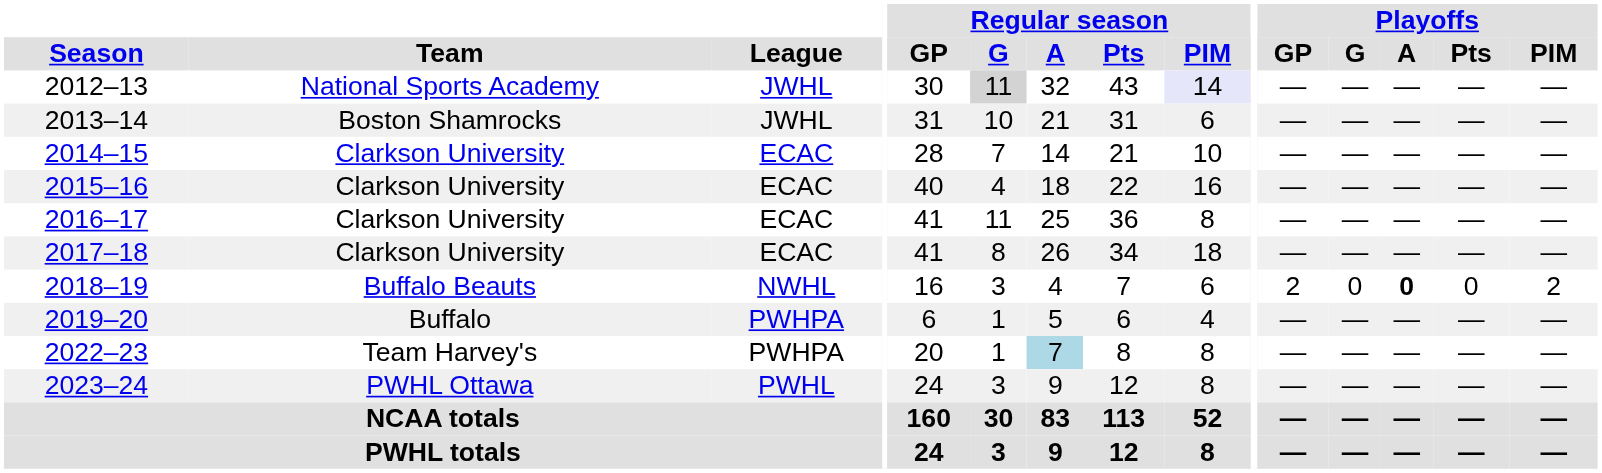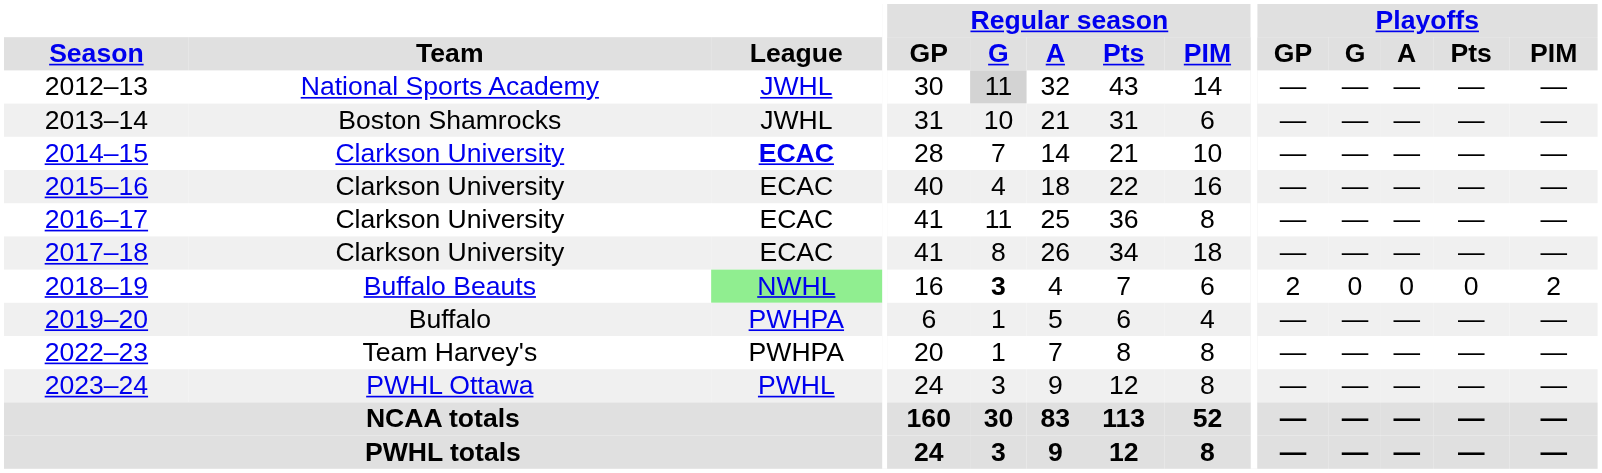 <table border="0" cellpadding="1" cellspacing="0" style="text-align:center; width:60em">
 <tr bgcolor="#e0e0e0">
 <th colspan="3" bgcolor="#ffffff"></th>
 <th rowspan="97" bgcolor="#ffffff"></th>
 <th colspan="5"><a href='#'>Regular season</a></th>
 <th rowspan="97" bgcolor="#ffffff"></th>
 <th colspan="5"><a href='#'>Playoffs</a></th>
 </tr>
 <tr bgcolor="#e0e0e0">
 <th><a href='#'>Season</a></th>
 <th>Team</th>
 <th>League</th>
 <th>GP</th>
 <th><a href='#'>G</a></th>
 <th><a href='#'>A</a></th>
 <th><a href='#'>Pts</a></th>
 <th><a href='#'>PIM</a></th>
 <th>GP</th>
 <th>G</th>
 <th>A</th>
 <th>Pts</th>
 <th>PIM</th>
 </tr>
 <tr>
 <td>2012–13</td>
 <td><a href='#'>National Sports Academy</a></td>
 <td><a href='#'>JWHL</a></td>
 <td>30</td>
 <td style="background: lightgrey;">11</td>
 <td>32</td>
 <td>43</td>
-<td style="background: lavender;">14</td>
+<td>14</td>
 <td>—</td>
 <td>—</td>
 <td>—</td>
 <td>—</td>
 <td>—</td>
 </tr>
 <tr bgcolor="f0f0f0">
 <td>2013–14</td>
 <td>Boston Shamrocks</td>
 <td>JWHL</td>
 <td>31</td>
 <td>10</td>
 <td>21</td>
 <td>31</td>
 <td>6</td>
 <td>—</td>
 <td>—</td>
 <td>—</td>
 <td>—</td>
 <td>—</td>
 </tr>
 <tr>
 <td><a href='#'>2014–15</a></td>
 <td><a href='#'>Clarkson University</a></td>
-<td><a href='#'>ECAC</a></td>
+<td><strong><a href='#'>ECAC</a></strong></td>
 <td>28</td>
 <td>7</td>
 <td>14</td>
 <td>21</td>
 <td>10</td>
 <td>—</td>
 <td>—</td>
 <td>—</td>
 <td>—</td>
 <td>—</td>
 </tr>
 <tr bgcolor="#f0f0f0">
 <td><a href='#'>2015–16</a></td>
 <td>Clarkson University</td>
 <td>ECAC</td>
 <td>40</td>
 <td>4</td>
 <td>18</td>
 <td>22</td>
 <td>16</td>
 <td>—</td>
 <td>—</td>
 <td>—</td>
 <td>—</td>
 <td>—</td>
 </tr>
 <tr>
 <td><a href='#'>2016–17</a></td>
 <td>Clarkson University</td>
 <td>ECAC</td>
 <td>41</td>
 <td>11</td>
 <td>25</td>
 <td>36</td>
 <td>8</td>
 <td>—</td>
 <td>—</td>
 <td>—</td>
 <td>—</td>
 <td>—</td>
 </tr>
 <tr bgcolor="#f0f0f0">
 <td><a href='#'>2017–18</a></td>
 <td>Clarkson University</td>
 <td>ECAC</td>
 <td>41</td>
 <td>8</td>
 <td>26</td>
 <td>34</td>
 <td>18</td>
 <td>—</td>
 <td>—</td>
 <td>—</td>
 <td>—</td>
 <td>—</td>
 </tr>
 <tr>
 <td><a href='#'>2018–19</a></td>
 <td><a href='#'>Buffalo Beauts</a></td>
-<td><a href='#'>NWHL</a></td>
+<td style="background: lightgreen;"><a href='#'>NWHL</a></td>
 <td>16</td>
-<td>3</td>
+<td><strong>3</strong></td>
 <td>4</td>
 <td>7</td>
 <td>6</td>
 <td>2</td>
 <td>0</td>
-<td><strong>0</strong></td>
+<td>0</td>
 <td>0</td>
 <td>2</td>
 </tr>
 <tr bgcolor="#f0f0f0">
 <td><a href='#'>2019–20</a></td>
 <td>Buffalo</td>
 <td><a href='#'>PWHPA</a></td>
 <td>6</td>
 <td>1</td>
 <td>5</td>
 <td>6</td>
 <td>4</td>
 <td>—</td>
 <td>—</td>
 <td>—</td>
 <td>—</td>
 <td>—</td>
 </tr>
 <tr>
 <td><a href='#'>2022–23</a></td>
 <td>Team Harvey's</td>
 <td>PWHPA</td>
 <td>20</td>
 <td>1</td>
-<td style="background: lightblue;">7</td>
+<td>7</td>
 <td>8</td>
 <td>8</td>
 <td>—</td>
 <td>—</td>
 <td>—</td>
 <td>—</td>
 <td>—</td>
 </tr>
 <tr bgcolor="#f0f0f0">
 <td><a href='#'>2023–24</a></td>
 <td><a href='#'>PWHL Ottawa</a></td>
 <td><a href='#'>PWHL</a></td>
 <td>24</td>
 <td>3</td>
 <td>9</td>
 <td>12</td>
 <td>8</td>
 <td>—</td>
 <td>—</td>
 <td>—</td>
 <td>—</td>
 <td>—</td>
 </tr>
 <tr bgcolor="#e0e0e0">
 <th colspan="3">NCAA totals</th>
 <th>160</th>
 <th>30</th>
 <th>83</th>
 <th>113</th>
 <th>52</th>
 <th>—</th>
 <th>—</th>
 <th>—</th>
 <th>—</th>
 <th>—</th>
 </tr>
 <tr bgcolor="#e0e0e0">
 <th colspan="3">PWHL totals</th>
 <th>24</th>
 <th>3</th>
 <th>9</th>
 <th>12</th>
 <th>8</th>
 <th>—</th>
 <th>—</th>
 <th>—</th>
 <th>—</th>
 <th>—</th>
 </tr>
 </table>
